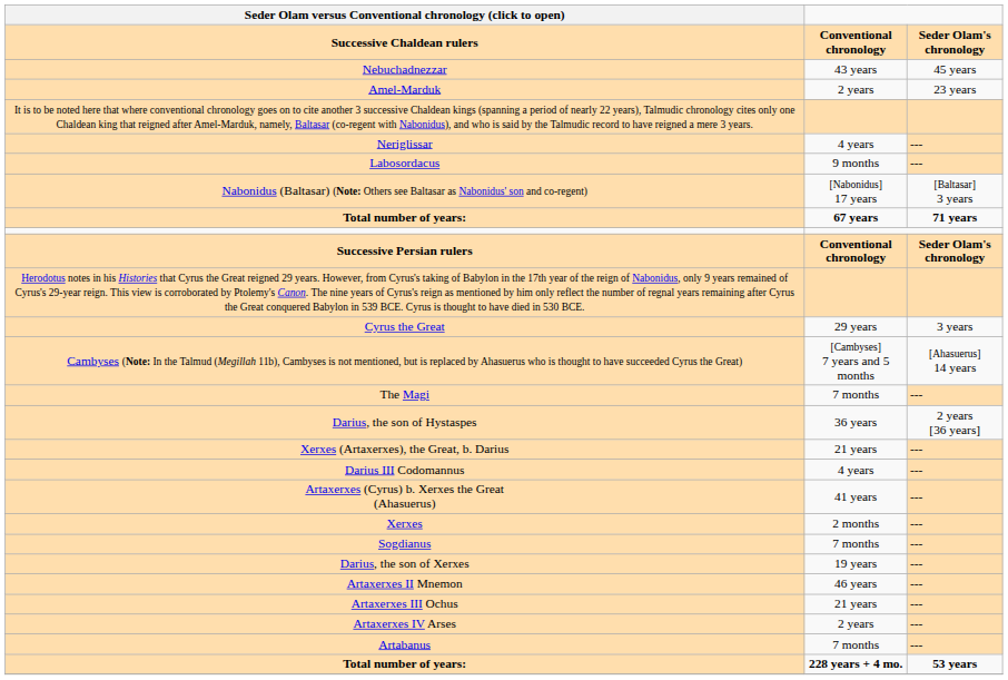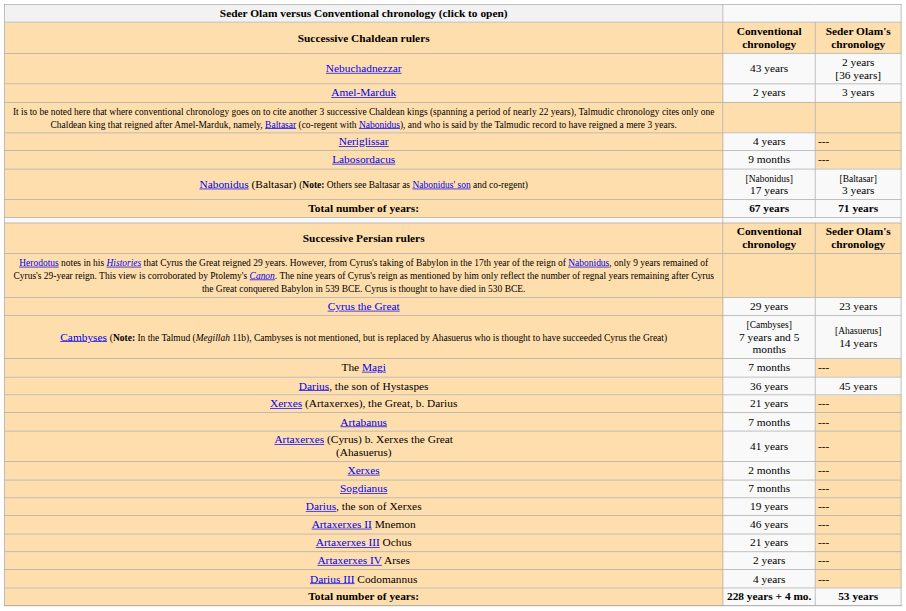 <table class="wikitable collapsible collapsed" style="width:100%">
 <tr>
 <th>Seder Olam versus Conventional chronology (click to open)</th>
 </tr>
 <tr>
 <th style="background:Navajowhite; text-align:center;">Successive Chaldean rulers</th>
 <th style="background:Navajowhite;">Conventional chronology</th>
 <th style="background:Navajowhite;">Seder Olam's chronology</th>
 </tr>
 <tr>
 <td style="background:Navajowhite; text-align:center;"><a href='#'>Nebuchadnezzar</a></td>
 <td style=text-align:center;>43 years</td>
-<td style=text-align:center;>45 years</td>
+<td style=text-align:center;>2 years<br> [36 years]</td>
 </tr>
 <tr>
 <td style="background:Navajowhite; text-align:center;"><a href='#'>Amel-Marduk</a></td>
 <td style=text-align:center;>2 years</td>
-<td style=text-align:center;>23 years</td>
+<td style=text-align:center;>3 years</td>
 </tr>
 <tr>
 <td style="background:Navajowhite; text-align:center;"><small>It is to be noted here that where conventional chronology goes on to cite another 3 successive Chaldean kings (spanning a period of nearly 22 years), Talmudic chronology cites only one Chaldean king that reigned after Amel-Marduk, namely, <a href='#'>Baltasar</a> (co-regent with <a href='#'>Nabonidus</a>), and who is said by the Talmudic record to have reigned a mere 3 years.</small></td>
 <td style="background:Navajowhite;"></td>
 <td style="background:Navajowhite;"></td>
 </tr>
 <tr>
 <td style="background:Navajowhite; text-align:center;"><a href='#'>Neriglissar</a></td>
 <td style=text-align:center;>4 years</td>
 <td style="background:Navajowhite; style=text-align:center;">---</td>
 </tr>
 <tr>
 <td style="background:Navajowhite; text-align:center;"><a href='#'>Labosordacus</a></td>
 <td style=text-align:center;>9 months</td>
 <td style="background:Navajowhite; style=text-align:center;">---</td>
 </tr>
 <tr>
 <td style="background:Navajowhite; text-align:center;"><a href='#'>Nabonidus</a> (Baltasar) <small>(<strong>Note:</strong> Others see Baltasar as <a href='#'>Nabonidus' son</a> and co-regent)</small></td>
 <td style=text-align:center;><small>[Nabonidus]</small><br>17 years</td>
 <td style=text-align:center;><small>[Baltasar]</small><br>3 years</td>
 </tr>
 <tr>
 <td style="background:Navajowhite; text-align:center;"><strong>Total number of years:</strong></td>
 <td style=text-align:center;><strong>67 years</strong></td>
 <td style=text-align:center;><strong>71 years</strong></td>
 </tr>
 <tr>
 <td></td>
 </tr>
 <tr>
 <th style="background:Navajowhite; text-align:center;">Successive Persian rulers</th>
 <th style="background:Navajowhite;">Conventional chronology</th>
 <th style="background:Navajowhite;">Seder Olam's chronology</th>
 </tr>
 <tr>
 <td style="background:Navajowhite; text-align:center;"><small><a href='#'>Herodotus</a> notes in his <em><a href='#'>Histories</a></em> that Cyrus the Great reigned 29 years. However, from Cyrus's taking of Babylon in the 17th year of the reign of <a href='#'>Nabonidus</a>, only 9 years remained of Cyrus's 29-year reign. This view is corroborated by Ptolemy's <em><a href='#'>Canon</a></em>. The nine years of Cyrus's reign as mentioned by him only reflect the number of regnal years remaining after Cyrus the Great conquered Babylon in 539 BCE. Cyrus is thought to have died in 530 BCE.</small></td>
 <td style="background:Navajowhite;"></td>
 <td style="background:Navajowhite;"></td>
 </tr>
 <tr>
 <td style="background:Navajowhite; text-align:center;"><a href='#'>Cyrus the Great</a></td>
 <td style=text-align:center;>29 years</td>
-<td style=text-align:center;>3 years</td>
+<td style=text-align:center;>23 years</td>
 </tr>
 <tr>
 <td style="background:Navajowhite; text-align:center;"><a href='#'>Cambyses</a> <small>(<strong>Note:</strong> In the Talmud (<em>Megillah</em> 11b), Cambyses is not mentioned, but is replaced by Ahasuerus who is thought to have succeeded Cyrus the Great)</small></td>
 <td style=text-align:center;><small>[Cambyses]</small><br>7 years and 5 months</td>
 <td style=text-align:center;><small>[Ahasuerus]</small><br>14 years</td>
 </tr>
 <tr>
 <td style="background:Navajowhite; text-align:center;">The <a href='#'>Magi</a></td>
 <td style=text-align:center;>7 months</td>
 <td style="background:Navajowhite; style=text-align:center;">---</td>
 </tr>
 <tr>
 <td style="background:Navajowhite; text-align:center;"><a href='#'>Darius</a>, the son of Hystaspes</td>
 <td style=text-align:center;>36 years</td>
-<td style=text-align:center;>2 years<br> [36 years]</td>
+<td style=text-align:center;>45 years</td>
 </tr>
 <tr>
 <td style="background:Navajowhite; text-align:center;"><a href='#'>Xerxes</a> (Artaxerxes), the Great, b. Darius</td>
 <td style=text-align:center;>21 years</td>
 <td style="background:Navajowhite; style=text-align:center;">---</td>
 </tr>
 <tr>
-<td style="background:Navajowhite; text-align:center;"><a href='#'>Darius III</a> Codomannus</td>
-<td style=text-align:center;>4 years</td>
+<td style="background:Navajowhite; text-align:center;"><a href='#'>Artabanus</a></td>
+<td style=text-align:center;>7 months</td>
 <td style="background:Navajowhite; style=text-align:center;">---</td>
 </tr>
 <tr>
 <td style="background:Navajowhite; text-align:center;"><a href='#'>Artaxerxes</a> (Cyrus) b. Xerxes the Great<br>(Ahasuerus)</td>
 <td style=text-align:center;>41 years</td>
 <td style="background:Navajowhite; style=text-align:center;">---</td>
 </tr>
 <tr>
 <td style="background:Navajowhite; text-align:center;"><a href='#'>Xerxes</a></td>
 <td style=text-align:center;>2 months</td>
 <td style="background:Navajowhite; style=text-align:center;">---</td>
 </tr>
 <tr>
 <td style="background:Navajowhite; text-align:center;"><a href='#'>Sogdianus</a></td>
 <td style=text-align:center;>7 months</td>
 <td style="background:Navajowhite; style=text-align:center;">---</td>
 </tr>
 <tr>
 <td style="background:Navajowhite; text-align:center;"><a href='#'>Darius</a>, the son of Xerxes</td>
 <td style=text-align:center;>19 years</td>
 <td style="background:Navajowhite; style=text-align:center;">---</td>
 </tr>
 <tr>
 <td style="background:Navajowhite; text-align:center;"><a href='#'>Artaxerxes II</a> Mnemon</td>
 <td style=text-align:center;>46 years</td>
 <td style="background:Navajowhite; style=text-align:center;">---</td>
 </tr>
 <tr>
 <td style="background:Navajowhite; text-align:center;"><a href='#'>Artaxerxes III</a> Ochus</td>
 <td style=text-align:center;>21 years</td>
 <td style="background:Navajowhite; style=text-align:center;">---</td>
 </tr>
 <tr>
 <td style="background:Navajowhite; text-align:center;"><a href='#'>Artaxerxes IV</a> Arses</td>
 <td style=text-align:center;>2 years</td>
 <td style="background:Navajowhite; style=text-align:center;">---</td>
 </tr>
 <tr>
-<td style="background:Navajowhite; text-align:center;"><a href='#'>Artabanus</a></td>
-<td style=text-align:center;>7 months</td>
+<td style="background:Navajowhite; text-align:center;"><a href='#'>Darius III</a> Codomannus</td>
+<td style=text-align:center;>4 years</td>
 <td style="background:Navajowhite; style=text-align:center;">---</td>
 </tr>
 <tr>
 <td style="background:Navajowhite; text-align:center;"><strong>Total number of years:</strong></td>
 <td style=text-align:center;><strong>228 years + 4 mo.</strong></td>
 <td style=text-align:center;><strong>53 years</strong></td>
 </tr>
 <tr>
 </tr>
 </table>
